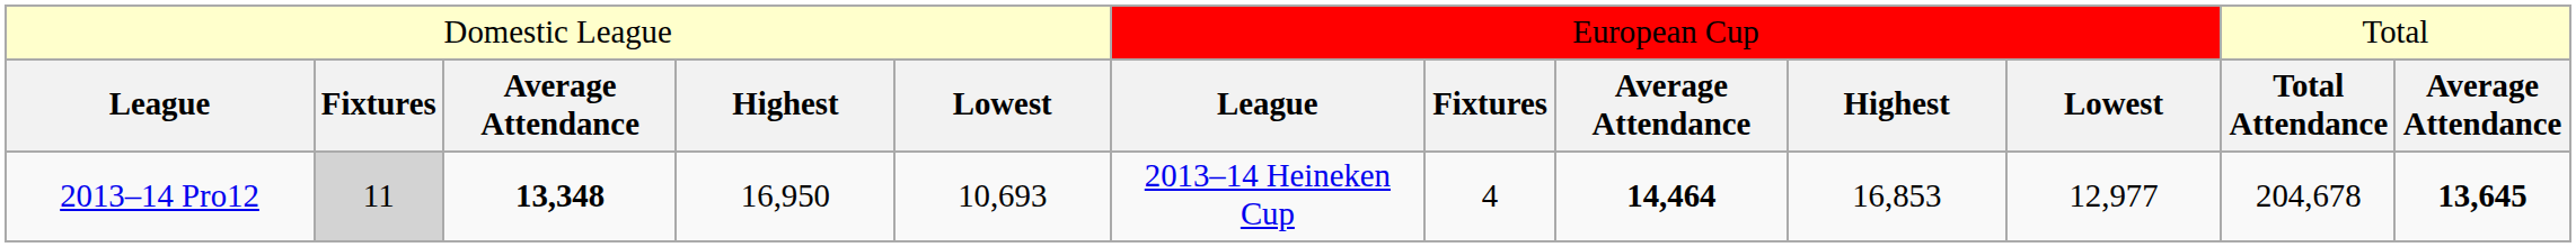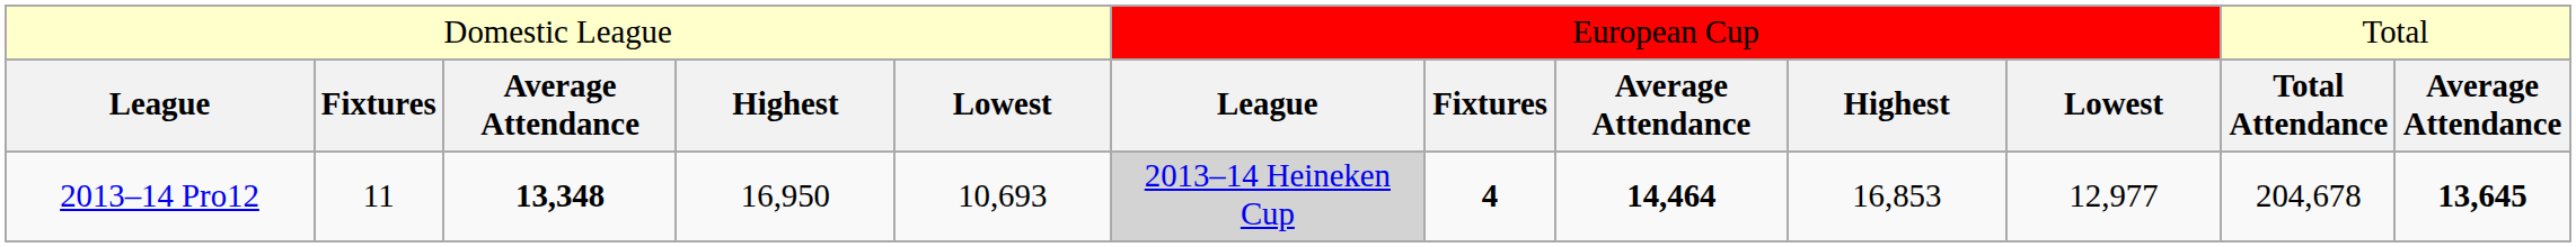 <table class="wikitable sortable" style="font-size:90%; width:90%;">
 <tr>
 <td colspan="5" class="wikitable sortable" style="width:45%; background:#ffffcc; text-align:center;"><span>Domestic League</span></td>
 <td colspan="5" class="wikitable sortable" style="width:45%; background:#f00; text-align:center;"><span>European Cup</span></td>
 <td colspan="2" class="wikitable sortable" style="width:45%; background:#ffffcc; text-align:center;"><span>Total</span></td>
 </tr>
 <tr>
 <th style="width:15%;">League</th>
 <th style="width:5%;">Fixtures</th>
 <th style="width:10%;">Average Attendance</th>
 <th style="width:10%;">Highest</th>
 <th style="width:10%;">Lowest</th>
 <th style="width:15%;">League</th>
 <th style="width:5%;">Fixtures</th>
 <th style="width:10%;">Average Attendance</th>
 <th style="width:10%;">Highest</th>
 <th style="width:10%;">Lowest</th>
 <th style="width:10%;">Total Attendance</th>
 <th style="width:10%;">Average Attendance</th>
 </tr>
 <tr>
 <td align=center><a href='#'>2013–14 Pro12</a></td>
-<td align=center style="background: lightgrey;">11</td>
+<td align=center>11</td>
 <td align=center><strong>13,348</strong></td>
 <td align=center>16,950</td>
 <td align=center>10,693</td>
-<td align=center><a href='#'>2013–14 Heineken Cup</a></td>
-<td align=center>4</td>
+<td align=center style="background: lightgrey;"><a href='#'>2013–14 Heineken Cup</a></td>
+<td align=center><strong>4</strong></td>
 <td align=center><strong>14,464</strong></td>
 <td align=center>16,853</td>
 <td align=center>12,977</td>
 <td align=center>204,678</td>
 <td align=center><strong>13,645</strong></td>
 </tr>
 </table>
